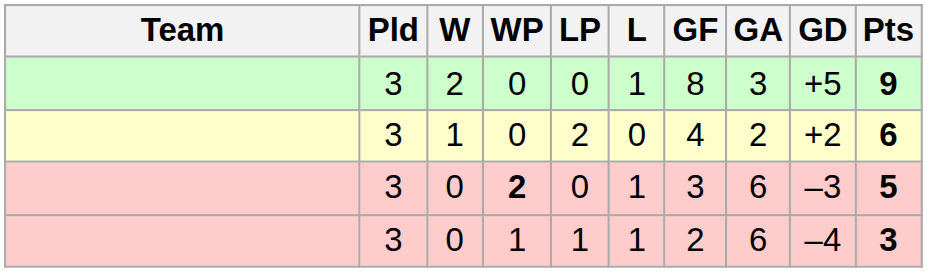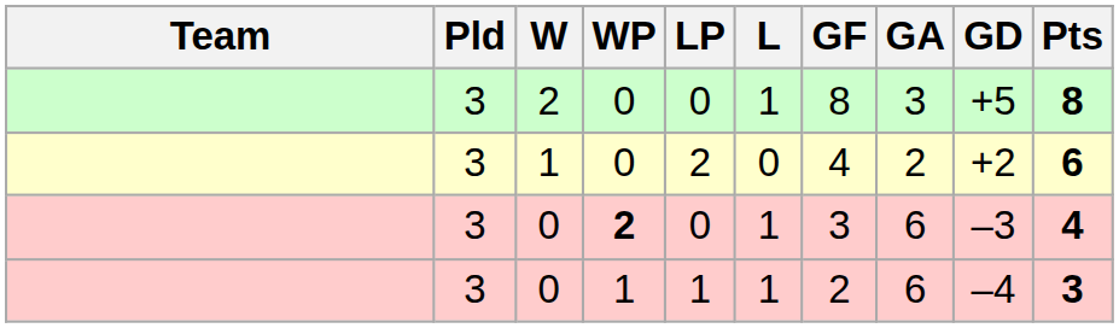 <table class="wikitable" style="text-align:center;">
 <tr>
 <th width=165>Team</th>
 <th width=20>Pld</th>
 <th width=20>W</th>
 <th width=20>WP</th>
 <th width=20>LP</th>
 <th width=20>L</th>
 <th width=20>GF</th>
 <th width=20>GA</th>
 <th width=20>GD</th>
 <th width=20>Pts</th>
 </tr>
 <tr align=center style="background:#CCFFCC">
 <td style="text-align:left;"></td>
 <td>3</td>
 <td>2</td>
 <td>0</td>
 <td>0</td>
 <td>1</td>
 <td>8</td>
 <td>3</td>
 <td>+5</td>
-<td><strong>9</strong></td>
+<td><strong>8</strong></td>
 </tr>
 <tr align=center style="background:#FFFFCC">
 <td style="text-align:left;"></td>
 <td>3</td>
 <td>1</td>
 <td>0</td>
 <td>2</td>
 <td>0</td>
 <td>4</td>
 <td>2</td>
 <td>+2</td>
 <td><strong>6</strong></td>
 </tr>
 <tr align=center style="background:#FFCCCC">
 <td style="text-align:left;"></td>
 <td>3</td>
 <td>0</td>
 <td><strong>2</strong></td>
 <td>0</td>
 <td>1</td>
 <td>3</td>
 <td>6</td>
 <td>–3</td>
-<td><strong>5</strong></td>
+<td><strong>4</strong></td>
 </tr>
 <tr align=center style="background:#FFCCCC">
 <td style="text-align:left;"></td>
 <td>3</td>
 <td>0</td>
 <td>1</td>
 <td>1</td>
 <td>1</td>
 <td>2</td>
 <td>6</td>
 <td>–4</td>
 <td><strong>3</strong></td>
 </tr>
 </table>
